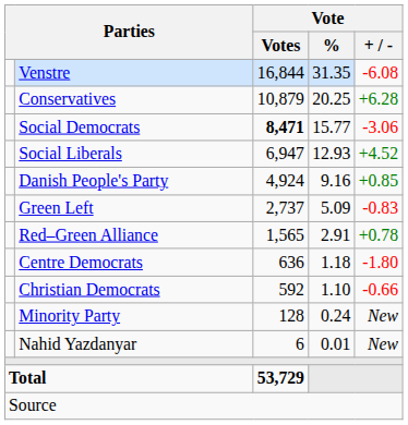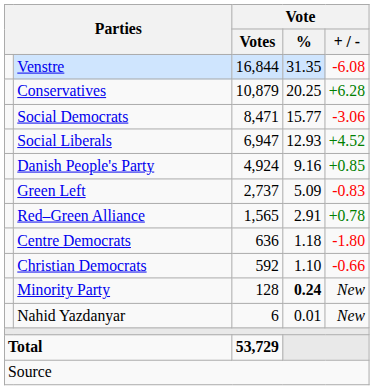 <table class="wikitable" style="text-align:right;">
 <tr>
 <th style="text-align:centre;" rowspan="2" colspan="2" width="225">Parties</th>
 <th colspan="3">Vote</th>
 </tr>
 <tr>
 <th width="15">Votes</th>
 <th width="15">%</th>
 <th width="15">+ / -</th>
 </tr>
 <tr>
 <td width="2" style="color:inherit;background:"></td>
 <td bgcolor=#cfe5fe  align="left"><a href='#'>Venstre</a></td>
 <td bgcolor=#cfe5fe>16,844</td>
 <td bgcolor=#cfe5fe>31.35</td>
 <td style=color:red;>-6.08</td>
 </tr>
 <tr>
 <td width="2" style="color:inherit;background:"></td>
 <td align="left"><a href='#'>Conservatives</a></td>
 <td>10,879</td>
 <td>20.25</td>
 <td style=color:green;>+6.28</td>
 </tr>
 <tr>
 <td width="2" style="color:inherit;background:"></td>
 <td align="left"><a href='#'>Social Democrats</a></td>
-<td><strong>8,471</strong></td>
+<td>8,471</td>
 <td>15.77</td>
 <td style=color:red;>-3.06</td>
 </tr>
 <tr>
 <td width="2" style="color:inherit;background:"></td>
 <td align="left"><a href='#'>Social Liberals</a></td>
 <td>6,947</td>
 <td>12.93</td>
 <td style=color:green;>+4.52</td>
 </tr>
 <tr>
 <td width="2" style="color:inherit;background:"></td>
 <td align="left"><a href='#'>Danish People's Party</a></td>
 <td>4,924</td>
 <td>9.16</td>
 <td style=color:green;>+0.85</td>
 </tr>
 <tr>
 <td width="2" style="color:inherit;background:"></td>
 <td align="left"><a href='#'>Green Left</a></td>
 <td>2,737</td>
 <td>5.09</td>
 <td style=color:red;>-0.83</td>
 </tr>
 <tr>
 <td width="2" style="color:inherit;background:"></td>
 <td align="left"><a href='#'>Red–Green Alliance</a></td>
 <td>1,565</td>
 <td>2.91</td>
 <td style=color:green;>+0.78</td>
 </tr>
 <tr>
 <td width="2" style="color:inherit;background:"></td>
 <td align="left"><a href='#'>Centre Democrats</a></td>
 <td>636</td>
 <td>1.18</td>
 <td style=color:red;>-1.80</td>
 </tr>
 <tr>
 <td width="2" style="color:inherit;background:"></td>
 <td align="left"><a href='#'>Christian Democrats</a></td>
 <td>592</td>
 <td>1.10</td>
 <td style=color:red;>-0.66</td>
 </tr>
 <tr>
 <td width="2" style="color:inherit;background:"></td>
 <td align="left"><a href='#'>Minority Party</a></td>
 <td>128</td>
-<td>0.24</td>
+<td><strong>0.24</strong></td>
 <td><em>New</em></td>
 </tr>
 <tr>
 <td width="2" style="color:inherit;background:"></td>
 <td align="left">Nahid Yazdanyar</td>
 <td>6</td>
 <td>0.01</td>
 <td><em>New</em></td>
 </tr>
 <tr>
 <td colspan="7" bgcolor="#E9E9E9"></td>
 </tr>
 <tr>
 <td align="left" colspan="2"><strong>Total</strong></td>
 <td><strong>53,729</strong></td>
 <td bgcolor="#E9E9E9" colspan="2"></td>
 </tr>
 <tr>
 <td align="left" colspan="6">Source</td>
 </tr>
 </table>
